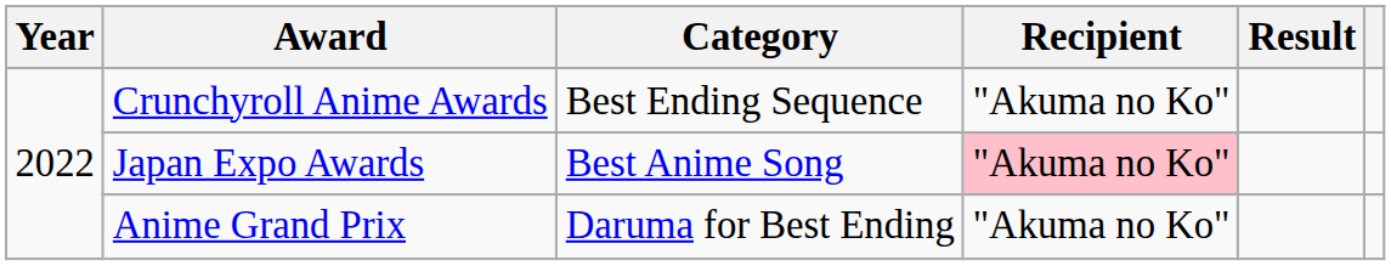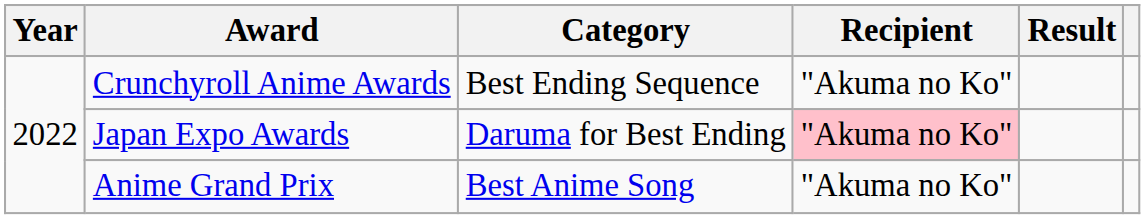 <table class="wikitable plainrowheaders sortable">
 <tr>
 <th scope="col" class="unsortable">Year</th>
 <th scope="col">Award</th>
 <th scope="col">Category</th>
 <th scope="col" class="unsortable">Recipient</th>
 <th scope="col">Result</th>
 <th scope="col" class="unsortable"></th>
 </tr>
 <tr>
 <td align="center" rowspan="3">2022</td>
 <td><a href='#'>Crunchyroll Anime Awards</a></td>
 <td>Best Ending Sequence</td>
 <td>"Akuma no Ko" <br></td>
 <td></td>
 <td align="center"></td>
 </tr>
 <tr>
 <td><a href='#'>Japan Expo Awards</a></td>
-<td><a href='#'>Best Anime Song</a></td>
+<td><a href='#'>Daruma</a> for Best Ending</td>
 <td style="background: pink;">"Akuma no Ko" <br></td>
 <td></td>
 <td align="center"></td>
 </tr>
 <tr>
 <td><a href='#'>Anime Grand Prix</a></td>
-<td><a href='#'>Daruma</a> for Best Ending</td>
+<td><a href='#'>Best Anime Song</a></td>
 <td>"Akuma no Ko" <br></td>
 <td></td>
 <td align="center"></td>
 </tr>
 </table>
